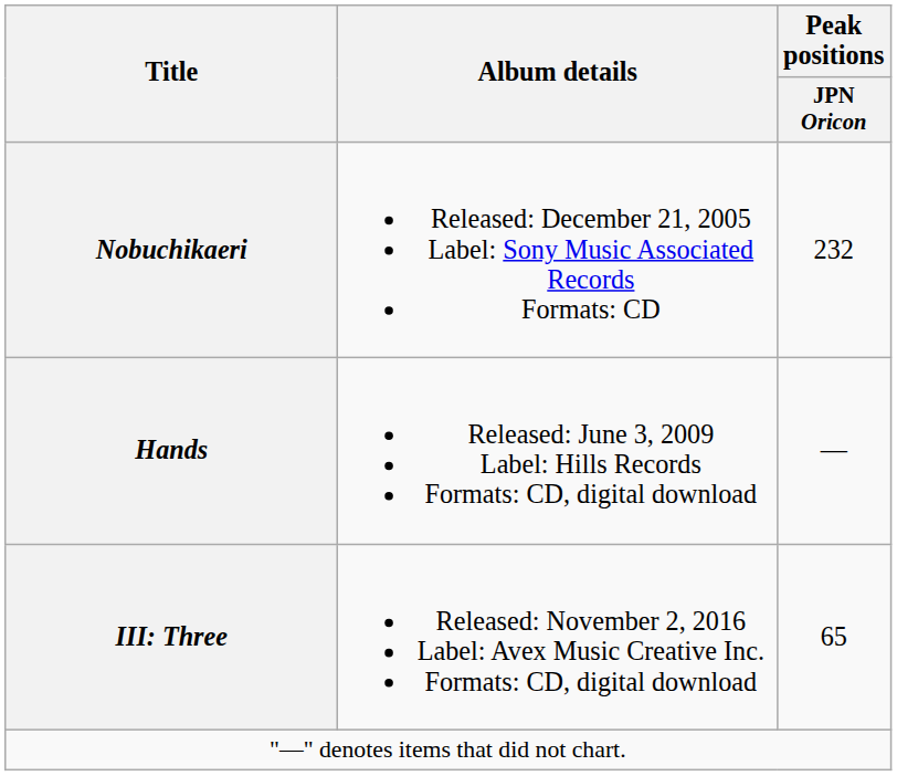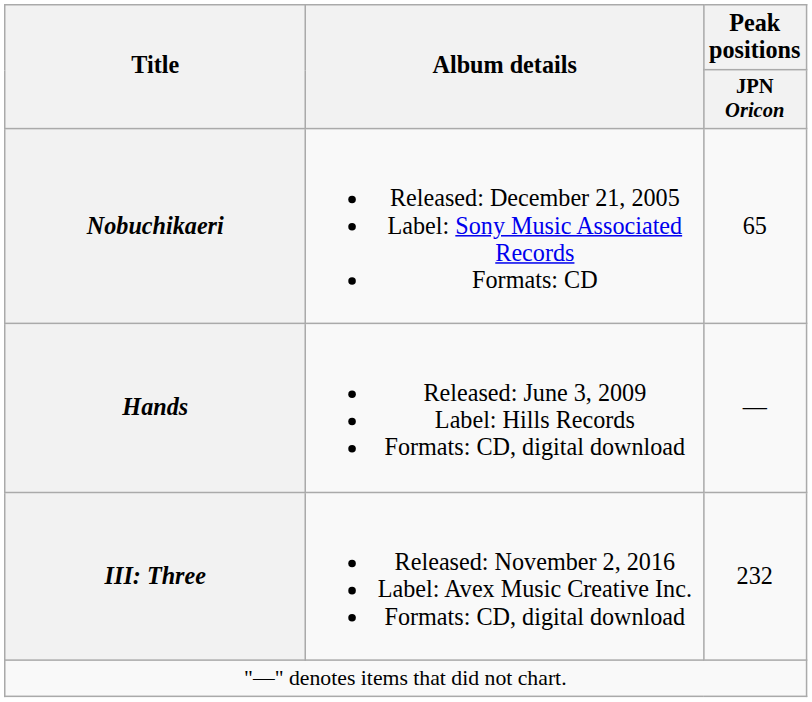 <table class="wikitable plainrowheaders" style="text-align:center;">
 <tr>
 <th style="width:12em;" rowspan="2">Title</th>
 <th style="width:16em;" rowspan="2">Album details</th>
 <th colspan="1">Peak positions</th>
 </tr>
 <tr>
 <th style="width:3em;font-size:85%">JPN<br><em>Oricon</em><br></th>
 </tr>
 <tr>
 <th scope="row"><em>Nobuchikaeri</em></th>
 <td><br><ul><li>Released: December 21, 2005</li><li>Label: <a href='#'>Sony Music Associated Records</a></li><li>Formats: CD</li></ul></td>
-<td>232</td>
+<td>65</td>
 </tr>
 <tr>
 <th scope="row"><em>Hands</em></th>
 <td><br><ul><li>Released: June 3, 2009</li><li>Label: Hills Records</li><li>Formats: CD, digital download</li></ul></td>
 <td>—</td>
 </tr>
 <tr>
 <th scope="row"><em>III: Three</em></th>
 <td><br><ul><li>Released: November 2, 2016</li><li>Label: Avex Music Creative Inc.</li><li>Formats: CD, digital download</li></ul></td>
-<td>65</td>
+<td>232</td>
 </tr>
 <tr>
 <td colspan="12" align="center" style="font-size:90%;">"—" denotes items that did not chart.</td>
 </tr>
 </table>
